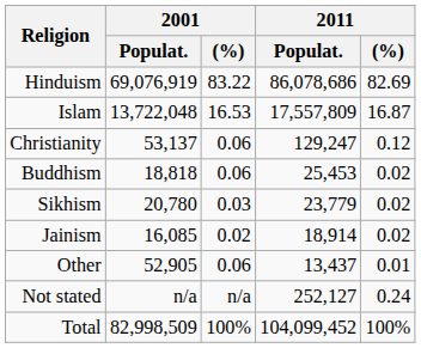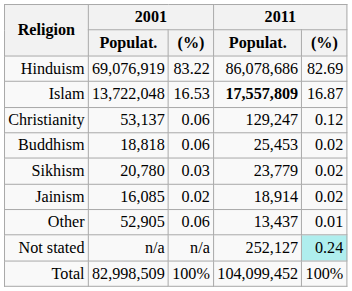 <table class="wikitable sortable"  style="text-align: right;">
 <tr>
 <th rowspan="2">Religion</th>
 <th colspan="2">2001</th>
 <th colspan="2">2011</th>
 </tr>
 <tr>
 <th>Populat.</th>
 <th>(%)</th>
 <th>Populat.</th>
 <th>(%)</th>
 </tr>
 <tr>
 <td>Hinduism</td>
 <td>69,076,919</td>
 <td>83.22</td>
 <td>86,078,686</td>
 <td>82.69</td>
 </tr>
 <tr>
 <td>Islam</td>
 <td>13,722,048</td>
 <td>16.53</td>
-<td>17,557,809</td>
+<td><strong>17,557,809</strong></td>
 <td>16.87</td>
 </tr>
 <tr>
 <td>Christianity</td>
 <td>53,137</td>
 <td>0.06</td>
 <td>129,247</td>
 <td>0.12</td>
 </tr>
 <tr>
 <td>Buddhism</td>
 <td>18,818</td>
 <td>0.06</td>
 <td>25,453</td>
 <td>0.02</td>
 </tr>
 <tr>
 <td>Sikhism</td>
 <td>20,780</td>
 <td>0.03</td>
 <td>23,779</td>
 <td>0.02</td>
 </tr>
 <tr>
 <td>Jainism</td>
 <td>16,085</td>
 <td>0.02</td>
 <td>18,914</td>
 <td>0.02</td>
 </tr>
 <tr>
 <td>Other</td>
 <td>52,905</td>
 <td>0.06</td>
 <td>13,437</td>
 <td>0.01</td>
 </tr>
 <tr>
 <td>Not stated</td>
 <td>n/a</td>
 <td>n/a</td>
 <td>252,127</td>
-<td>0.24</td>
+<td style="background: paleturquoise;">0.24</td>
 </tr>
 <tr>
 <td>Total</td>
 <td>82,998,509</td>
 <td>100%</td>
 <td>104,099,452</td>
 <td>100%</td>
 </tr>
 </table>
